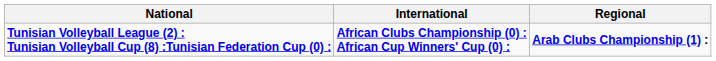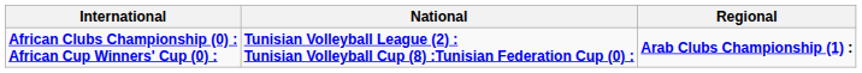 <table class="wikitable">
 <tr>
+<th>International</th>
 <th>National</th>
-<th>International</th>
 <th>Regional</th>
 </tr>
 <tr>
+<td><strong><a href='#'>African Clubs Championship (0) :</a></strong><br><strong><a href='#'>African Cup Winners' Cup (0) :</a></strong></td>
 <td><strong><a href='#'>Tunisian Volleyball League (2) :</a></strong><br><strong><a href='#'>Tunisian Volleyball Cup (8) :</a></strong><strong><a href='#'>Tunisian Federation Cup (0) :</a></strong></td>
-<td><strong><a href='#'>African Clubs Championship (0) :</a></strong><br><strong><a href='#'>African Cup Winners' Cup (0) :</a></strong></td>
 <td><strong><a href='#'>Arab Clubs Championship  (1)</a> :</strong><br></td>
 </tr>
 </table>
